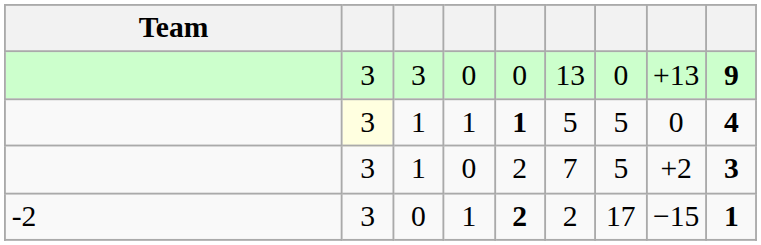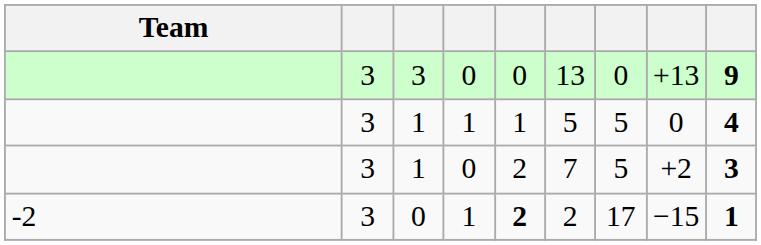 <table class="wikitable" style="text-align:center;">
 <tr>
 <th width=175>Team</th>
 <th width=20></th>
 <th width=20></th>
 <th width=20></th>
 <th width=20></th>
 <th width=20></th>
 <th width=20></th>
 <th width=20></th>
 <th width=20></th>
 </tr>
 <tr bgcolor=ccffcc>
 <td align="left"></td>
 <td>3</td>
 <td>3</td>
 <td>0</td>
 <td>0</td>
 <td>13</td>
 <td>0</td>
 <td>+13</td>
 <td><strong>9</strong></td>
 </tr>
 <tr>
 <td align="left"></td>
-<td style="background: lightyellow;">3</td>
+<td>3</td>
 <td>1</td>
 <td>1</td>
-<td><strong>1</strong></td>
+<td>1</td>
 <td>5</td>
 <td>5</td>
 <td>0</td>
 <td><strong>4</strong></td>
 </tr>
 <tr>
 <td align="left"></td>
 <td>3</td>
 <td>1</td>
 <td>0</td>
 <td>2</td>
 <td>7</td>
 <td>5</td>
 <td>+2</td>
 <td><strong>3</strong></td>
 </tr>
 <tr>
 <td align="left">-2</td>
 <td>3</td>
 <td>0</td>
 <td>1</td>
 <td><strong>2</strong></td>
 <td>2</td>
 <td>17</td>
 <td>−15</td>
 <td><strong>1</strong></td>
 </tr>
 </table>
